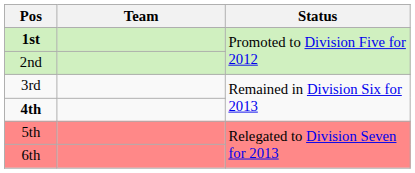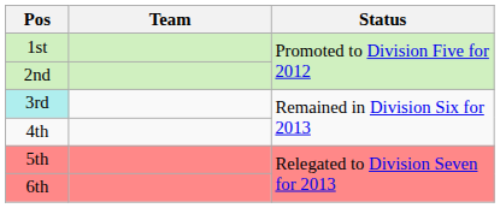 <table class="wikitable">
 <tr>
 <th width=50>Pos</th>
 <th width=175>Team</th>
 <th width=194>Status</th>
 </tr>
 <tr style="background:#D0F0C0">
-<td align="center"><strong>1st</strong></td>
+<td align="center">1st</td>
 <td></td>
 <td rowspan=2>Promoted to <a href='#'>Division Five for 2012</a></td>
 </tr>
 <tr style="background:#D0F0C0">
 <td align="center">2nd</td>
 <td></td>
 </tr>
 <tr>
-<td align="center">3rd</td>
+<td align="center" style="background: paleturquoise;">3rd</td>
 <td></td>
 <td rowspan=2>Remained in <a href='#'>Division Six for 2013</a></td>
 </tr>
 <tr>
-<td align="center"><strong>4th</strong></td>
+<td align="center">4th</td>
 <td></td>
 </tr>
 <tr style="background:#FF8888;">
 <td align="center">5th</td>
 <td></td>
 <td rowspan=2>Relegated to <a href='#'>Division Seven for 2013</a></td>
 </tr>
 <tr style="background:#FF8888;">
 <td align="center">6th</td>
 <td></td>
 </tr>
 </table>
